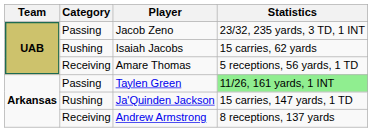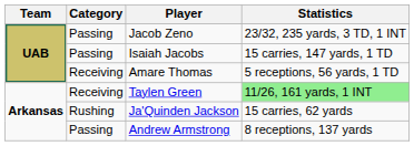 <table class="wikitable" style="float: right;">
 <tr>
 <th>Team</th>
 <th>Category</th>
 <th>Player</th>
 <th>Statistics</th>
 </tr>
 <tr>
 <td rowspan=3 style="background-color:#CDC26C;color:#000000;box-shadow: inset 2px 2px 0 #1E6B52, inset -2px -2px 0 #1E6B52; text-align:center;"><strong>UAB</strong></td>
 <td>Passing</td>
 <td>Jacob Zeno</td>
 <td>23/32, 235 yards, 3 TD, 1 INT</td>
 </tr>
 <tr>
-<td>Rushing</td>
+<td>Passing</td>
 <td>Isaiah Jacobs</td>
-<td>15 carries, 62 yards</td>
+<td>15 carries, 147 yards, 1 TD</td>
 </tr>
 <tr>
 <td>Receiving</td>
 <td>Amare Thomas</td>
 <td>5 receptions, 56 yards, 1 TD</td>
 </tr>
 <tr>
 <td rowspan=3><strong>Arkansas</strong></td>
-<td>Passing</td>
+<td>Receiving</td>
 <td><a href='#'>Taylen Green</a></td>
 <td style="background: lightgreen;">11/26, 161 yards, 1 INT</td>
 </tr>
 <tr>
 <td>Rushing</td>
 <td><a href='#'>Ja'Quinden Jackson</a></td>
-<td>15 carries, 147 yards, 1 TD</td>
+<td>15 carries, 62 yards</td>
 </tr>
 <tr>
-<td>Receiving</td>
+<td>Passing</td>
 <td><a href='#'>Andrew Armstrong</a></td>
 <td>8 receptions, 137 yards</td>
 </tr>
 </table>
